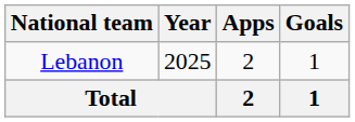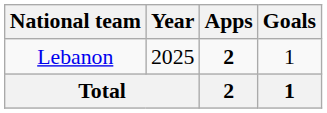 <table class="wikitable" style="text-align:center">
 <tr>
 <th>National team</th>
 <th>Year</th>
 <th>Apps</th>
 <th>Goals</th>
 </tr>
 <tr>
 <td rowspan="1"><a href='#'>Lebanon</a></td>
 <td>2025</td>
-<td>2</td>
+<td><strong>2</strong></td>
 <td>1</td>
 </tr>
 <tr>
 <th colspan="2">Total</th>
 <th>2</th>
 <th>1</th>
 </tr>
 </table>
